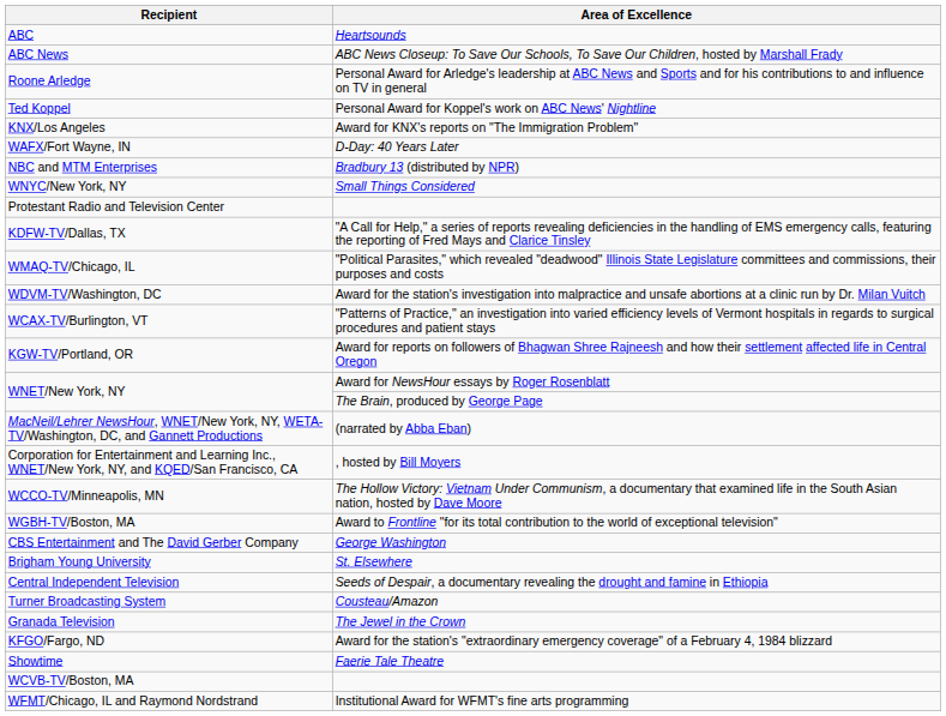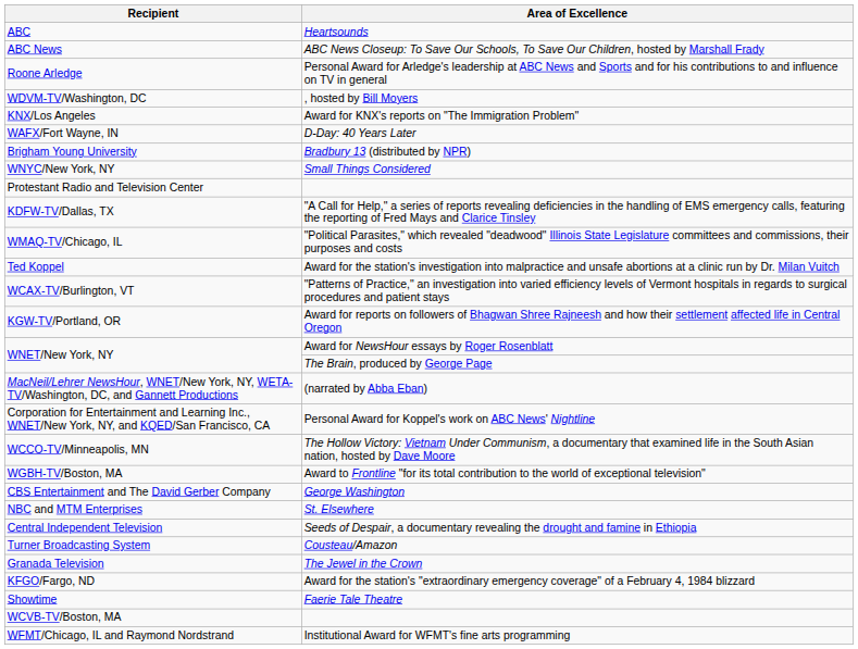 <table class="wikitable" style="width:95%">
 <tr bgcolor="#CCCCCC">
 <th width=35%>Recipient</th>
 <th width=65%>Area of Excellence</th>
 </tr>
 <tr>
 <td><a href='#'>ABC</a></td>
 <td><em><a href='#'>Heartsounds</a></em></td>
 </tr>
 <tr>
 <td><a href='#'>ABC News</a></td>
 <td><em>ABC News Closeup: To Save Our Schools, To Save Our Children</em>, hosted by <a href='#'>Marshall Frady</a></td>
 </tr>
 <tr>
 <td><a href='#'>Roone Arledge</a></td>
 <td>Personal Award for Arledge's leadership at <a href='#'>ABC News</a> and <a href='#'>Sports</a> and for his contributions to and influence on TV in general</td>
 </tr>
 <tr>
-<td><a href='#'>Ted Koppel</a></td>
-<td>Personal Award for Koppel's work on <a href='#'>ABC News</a>' <em><a href='#'>Nightline</a></em></td>
+<td><a href='#'>WDVM-TV</a>/Washington, DC</td>
+<td><em></em>, hosted by <a href='#'>Bill Moyers</a></td>
 </tr>
 <tr>
 <td><a href='#'>KNX</a>/Los Angeles</td>
 <td>Award for KNX's reports on "The Immigration Problem"</td>
 </tr>
 <tr>
 <td><a href='#'>WAFX</a>/Fort Wayne, IN</td>
 <td><em>D-Day: 40 Years Later</em></td>
 </tr>
 <tr>
-<td><a href='#'>NBC</a> and <a href='#'>MTM Enterprises</a></td>
+<td><a href='#'>Brigham Young University</a></td>
 <td><em><a href='#'>Bradbury 13</a></em> (distributed by <a href='#'>NPR</a>)</td>
 </tr>
 <tr>
 <td><a href='#'>WNYC</a>/New York, NY</td>
 <td><em><a href='#'>Small Things Considered</a></em></td>
 </tr>
 <tr>
 <td>Protestant Radio and Television Center</td>
 <td><em></em></td>
 </tr>
 <tr>
 <td><a href='#'>KDFW-TV</a>/Dallas, TX</td>
 <td>"A Call for Help," a series of reports revealing deficiencies in the handling of EMS emergency calls, featuring the reporting of Fred Mays and <a href='#'>Clarice Tinsley</a></td>
 </tr>
 <tr>
 <td><a href='#'>WMAQ-TV</a>/Chicago, IL</td>
 <td>"Political Parasites," which revealed "deadwood" <a href='#'>Illinois State Legislature</a> committees and commissions, their purposes and costs</td>
 </tr>
 <tr>
-<td><a href='#'>WDVM-TV</a>/Washington, DC</td>
+<td><a href='#'>Ted Koppel</a></td>
 <td>Award for the station's investigation into malpractice and unsafe abortions at a clinic run by Dr. <a href='#'>Milan Vuitch</a></td>
 </tr>
 <tr>
 <td><a href='#'>WCAX-TV</a>/Burlington, VT</td>
 <td>"Patterns of Practice," an investigation into varied efficiency levels of Vermont hospitals in regards to surgical procedures and patient stays</td>
 </tr>
 <tr>
 <td><a href='#'>KGW-TV</a>/Portland, OR</td>
 <td>Award for reports on followers of <a href='#'>Bhagwan Shree Rajneesh</a> and how their <a href='#'>settlement</a> <a href='#'>affected life in Central Oregon</a></td>
 </tr>
 <tr>
 <td rowspan="2"><a href='#'>WNET</a>/New York, NY</td>
 <td>Award for <em>NewsHour</em> essays by <a href='#'>Roger Rosenblatt</a></td>
 </tr>
 <tr>
 <td><em>The Brain</em>, produced by <a href='#'>George Page</a></td>
 </tr>
 <tr>
 <td><em><a href='#'>MacNeil/Lehrer NewsHour</a></em>, <a href='#'>WNET</a>/New York, NY, <a href='#'>WETA-TV</a>/Washington, DC, and <a href='#'>Gannett Productions</a></td>
 <td><em></em> (narrated by <a href='#'>Abba Eban</a>)</td>
 </tr>
 <tr>
 <td>Corporation for Entertainment and Learning Inc., <a href='#'>WNET</a>/New York, NY, and <a href='#'>KQED</a>/San Francisco, CA</td>
-<td><em></em>, hosted by <a href='#'>Bill Moyers</a></td>
+<td>Personal Award for Koppel's work on <a href='#'>ABC News</a>' <em><a href='#'>Nightline</a></em></td>
 </tr>
 <tr>
 <td><a href='#'>WCCO-TV</a>/Minneapolis, MN</td>
 <td><em>The Hollow Victory: <a href='#'>Vietnam</a> Under Communism</em>, a documentary that examined life in the South Asian nation, hosted by <a href='#'>Dave Moore</a></td>
 </tr>
 <tr>
 <td><a href='#'>WGBH-TV</a>/Boston, MA</td>
 <td>Award to <em><a href='#'>Frontline</a></em> "for its total contribution to the world of exceptional television"</td>
 </tr>
 <tr>
 <td><a href='#'>CBS Entertainment</a> and The <a href='#'>David Gerber</a> Company</td>
 <td><em><a href='#'>George Washington</a></em></td>
 </tr>
 <tr>
-<td><a href='#'>Brigham Young University</a></td>
+<td><a href='#'>NBC</a> and <a href='#'>MTM Enterprises</a></td>
 <td><em><a href='#'>St. Elsewhere</a></em></td>
 </tr>
 <tr>
 <td><a href='#'>Central Independent Television</a></td>
 <td><em>Seeds of Despair</em>, a documentary revealing the <a href='#'>drought and famine</a> in <a href='#'>Ethiopia</a></td>
 </tr>
 <tr>
 <td><a href='#'>Turner Broadcasting System</a></td>
 <td><em><a href='#'>Cousteau</a>/Amazon</em></td>
 </tr>
 <tr>
 <td><a href='#'>Granada Television</a></td>
 <td><em><a href='#'>The Jewel in the Crown</a></em></td>
 </tr>
 <tr>
 <td><a href='#'>KFGO</a>/Fargo, ND</td>
 <td>Award for the station's "extraordinary emergency coverage" of a February 4, 1984 blizzard</td>
 </tr>
 <tr>
 <td><a href='#'>Showtime</a></td>
 <td><em><a href='#'>Faerie Tale Theatre</a></em></td>
 </tr>
 <tr>
 <td><a href='#'>WCVB-TV</a>/Boston, MA</td>
 <td><em></em></td>
 </tr>
 <tr>
 <td><a href='#'>WFMT</a>/Chicago, IL and Raymond Nordstrand</td>
 <td>Institutional Award for WFMT's fine arts programming</td>
 </tr>
 </table>
